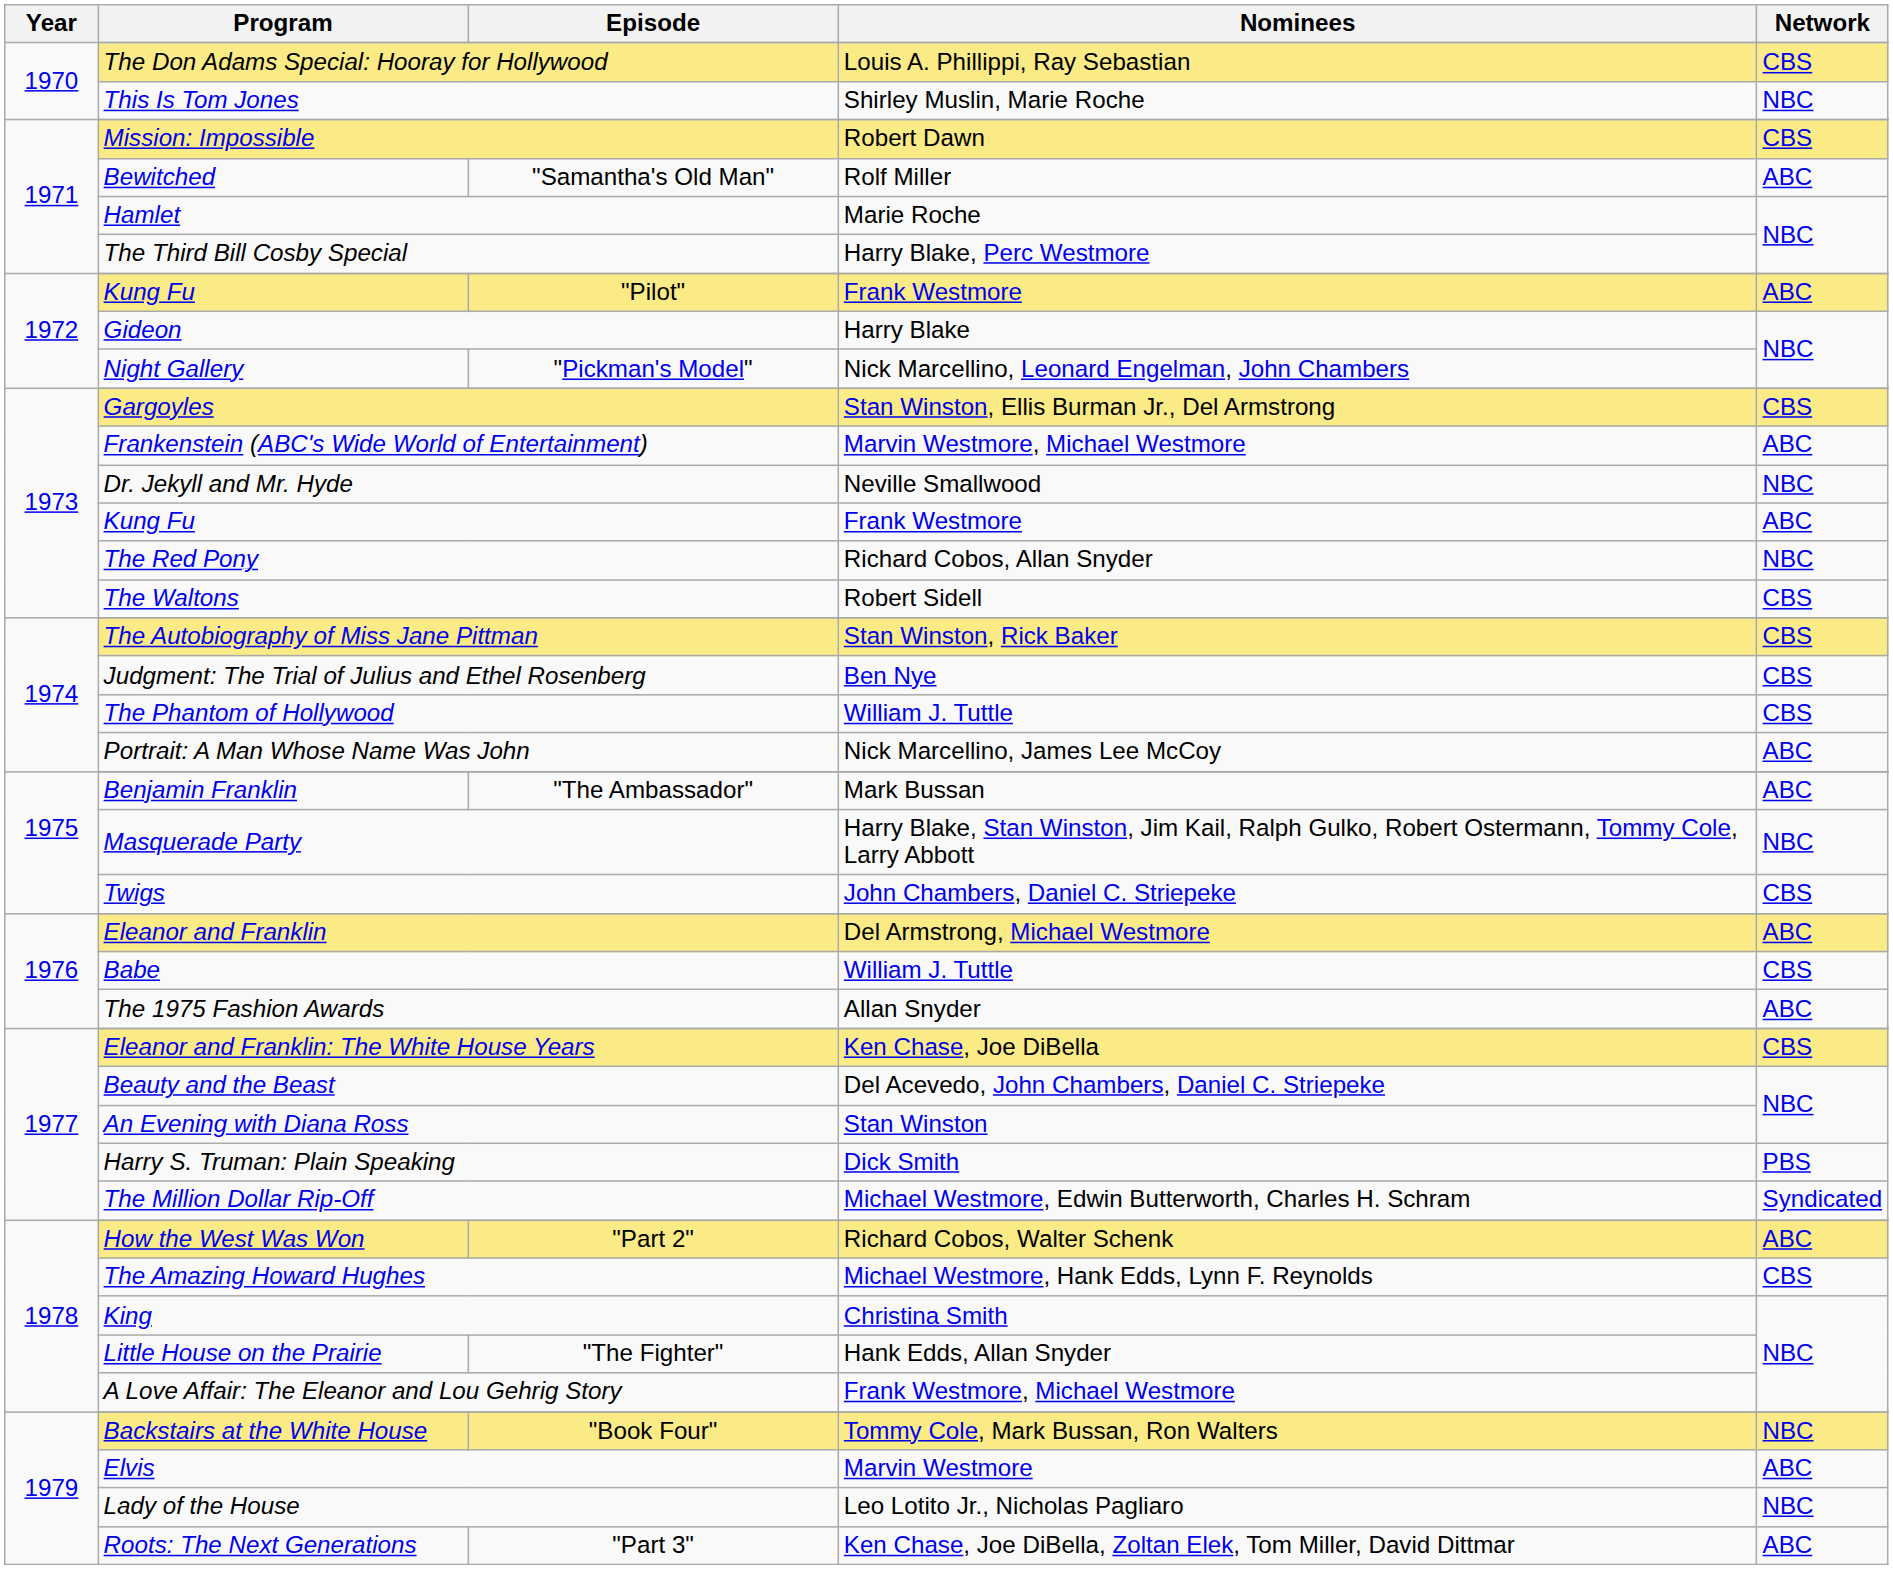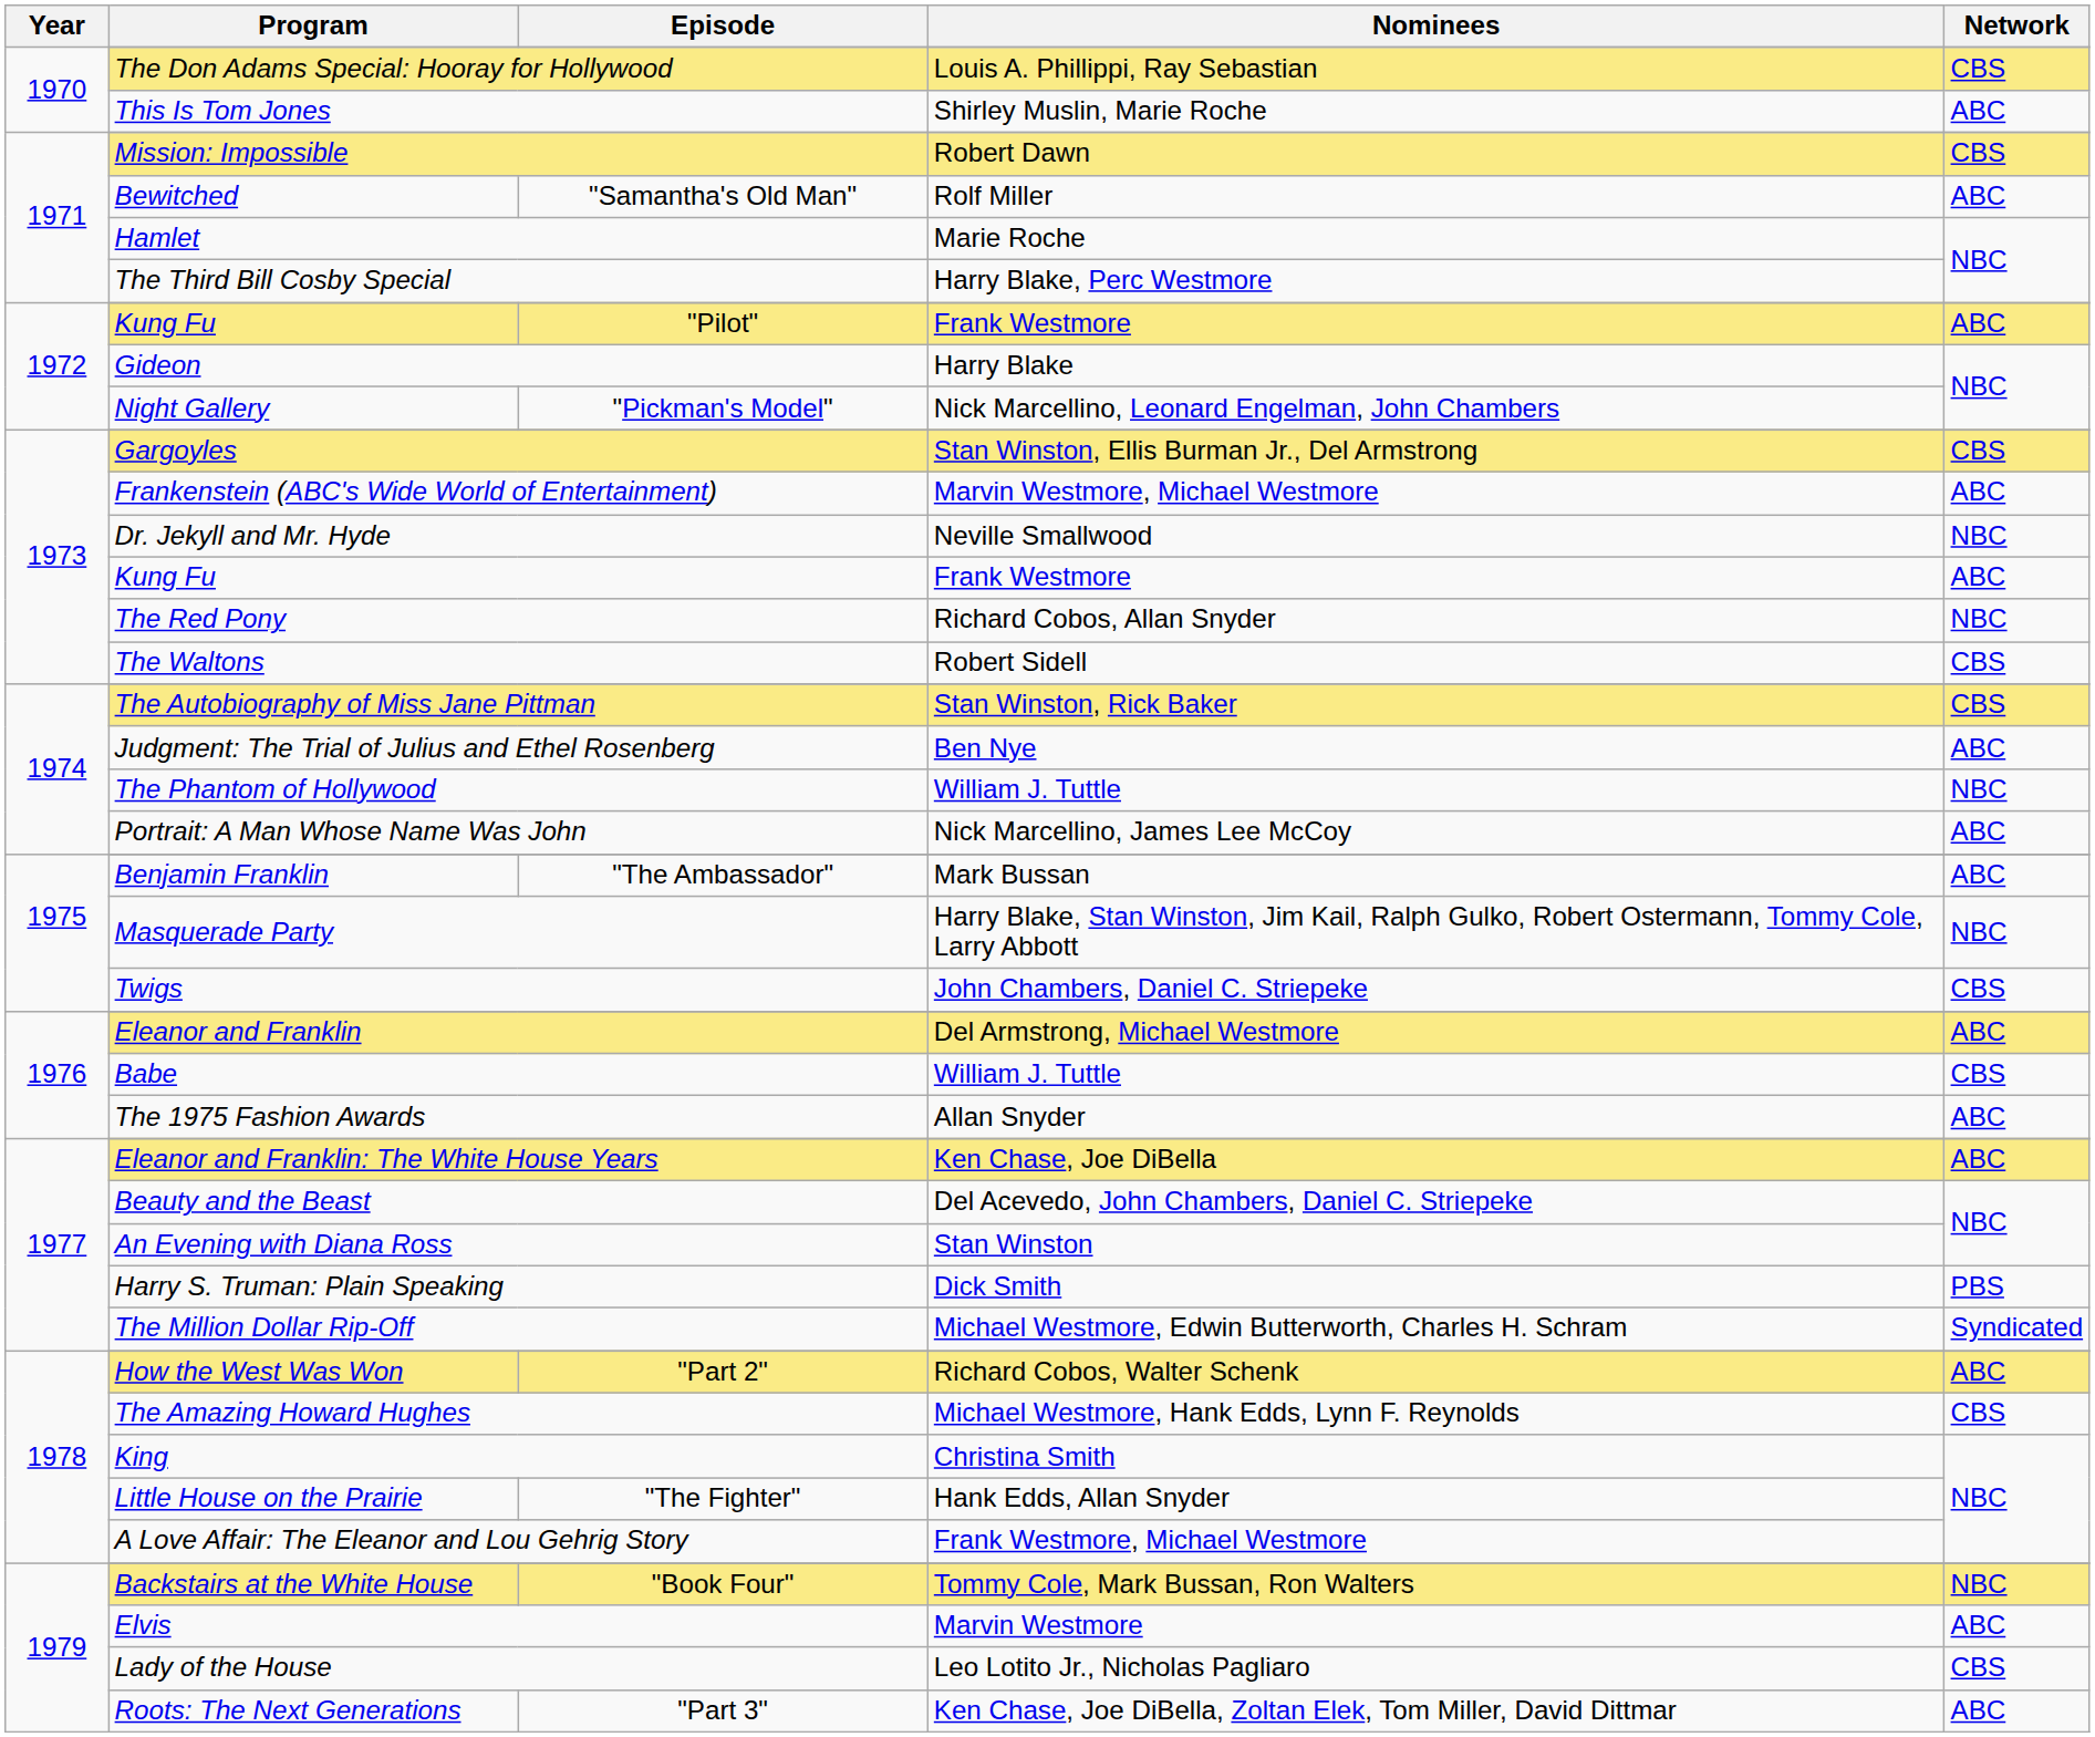 <table class="wikitable">
 <tr>
 <th width="5%">Year</th>
 <th width="20%">Program</th>
 <th width="20%">Episode</th>
 <th width="50%">Nominees</th>
 <th width="5%">Network</th>
 </tr>
 <tr>
 <td rowspan="3" style="text-align:center;"><a href='#'>1970</a><br></td>
 </tr>
 <tr style="background:#FAEB86;">
 <td colspan=2><em>The Don Adams Special: Hooray for Hollywood</em></td>
 <td>Louis A. Phillippi, Ray Sebastian</td>
 <td><a href='#'>CBS</a></td>
 </tr>
 <tr>
 <td colspan=2><em><a href='#'>This Is Tom Jones</a></em></td>
 <td>Shirley Muslin, Marie Roche</td>
-<td><a href='#'>NBC</a></td>
+<td><a href='#'>ABC</a></td>
 </tr>
 <tr>
 <td rowspan="5" style="text-align:center;"><a href='#'>1971</a><br></td>
 </tr>
 <tr style="background:#FAEB86;">
 <td colspan=2><em><a href='#'>Mission: Impossible</a></em></td>
 <td>Robert Dawn</td>
 <td><a href='#'>CBS</a></td>
 </tr>
 <tr>
 <td><em><a href='#'>Bewitched</a></em></td>
 <td align=center>"Samantha's Old Man"</td>
 <td>Rolf Miller</td>
 <td><a href='#'>ABC</a></td>
 </tr>
 <tr>
 <td colspan=2><em><a href='#'>Hamlet</a></em></td>
 <td>Marie Roche</td>
 <td rowspan=2><a href='#'>NBC</a></td>
 </tr>
 <tr>
 <td colspan=2><em>The Third Bill Cosby Special</em></td>
 <td>Harry Blake, <a href='#'>Perc Westmore</a></td>
 </tr>
 <tr>
 <td rowspan="4" style="text-align:center;"><a href='#'>1972</a><br></td>
 </tr>
 <tr style="background:#FAEB86;">
 <td><em><a href='#'>Kung Fu</a></em></td>
 <td align=center>"Pilot"</td>
 <td><a href='#'>Frank Westmore</a></td>
 <td><a href='#'>ABC</a></td>
 </tr>
 <tr>
 <td colspan=2><em><a href='#'>Gideon</a></em></td>
 <td>Harry Blake</td>
 <td rowspan=2><a href='#'>NBC</a></td>
 </tr>
 <tr>
 <td><em><a href='#'>Night Gallery</a></em></td>
 <td align=center>"<a href='#'>Pickman's Model</a>"</td>
 <td>Nick Marcellino, <a href='#'>Leonard Engelman</a>, <a href='#'>John Chambers</a></td>
 </tr>
 <tr>
 <td rowspan="7" style="text-align:center;"><a href='#'>1973</a><br></td>
 </tr>
 <tr style="background:#FAEB86;">
 <td colspan=2><em><a href='#'>Gargoyles</a></em></td>
 <td><a href='#'>Stan Winston</a>, Ellis Burman Jr., Del Armstrong</td>
 <td><a href='#'>CBS</a></td>
 </tr>
 <tr>
 <td colspan=2><em><a href='#'>Frankenstein</a> (<a href='#'>ABC's Wide World of Entertainment</a>)</em></td>
 <td><a href='#'>Marvin Westmore</a>, <a href='#'>Michael Westmore</a></td>
 <td><a href='#'>ABC</a></td>
 </tr>
 <tr>
 <td colspan=2><em>Dr. Jekyll and Mr. Hyde</em></td>
 <td>Neville Smallwood</td>
 <td><a href='#'>NBC</a></td>
 </tr>
 <tr>
 <td colspan=2><em><a href='#'>Kung Fu</a></em></td>
 <td><a href='#'>Frank Westmore</a></td>
 <td><a href='#'>ABC</a></td>
 </tr>
 <tr>
 <td colspan=2><em><a href='#'>The Red Pony</a></em></td>
 <td>Richard Cobos, Allan Snyder</td>
 <td><a href='#'>NBC</a></td>
 </tr>
 <tr>
 <td colspan=2><em><a href='#'>The Waltons</a></em></td>
 <td>Robert Sidell</td>
 <td><a href='#'>CBS</a></td>
 </tr>
 <tr>
 <td rowspan="5" style="text-align:center;"><a href='#'>1974</a><br></td>
 </tr>
 <tr style="background:#FAEB86;">
 <td colspan=2><em><a href='#'>The Autobiography of Miss Jane Pittman</a></em></td>
 <td><a href='#'>Stan Winston</a>, <a href='#'>Rick Baker</a></td>
 <td><a href='#'>CBS</a></td>
 </tr>
 <tr>
 <td colspan=2><em>Judgment: The Trial of Julius and Ethel Rosenberg</em></td>
 <td><a href='#'>Ben Nye</a></td>
-<td><a href='#'>CBS</a></td>
+<td><a href='#'>ABC</a></td>
 </tr>
 <tr>
 <td colspan=2><em><a href='#'>The Phantom of Hollywood</a></em></td>
 <td><a href='#'>William J. Tuttle</a></td>
-<td><a href='#'>CBS</a></td>
+<td><a href='#'>NBC</a></td>
 </tr>
 <tr>
 <td colspan=2><em>Portrait: A Man Whose Name Was John</em></td>
 <td>Nick Marcellino, James Lee McCoy</td>
 <td><a href='#'>ABC</a></td>
 </tr>
 <tr>
 <td rowspan="4" style="text-align:center;"><a href='#'>1975</a><br><br></td>
 </tr>
 <tr>
 <td><em><a href='#'>Benjamin Franklin</a></em></td>
 <td align=center>"The Ambassador"</td>
 <td>Mark Bussan</td>
 <td><a href='#'>ABC</a></td>
 </tr>
 <tr>
 <td colspan=2><em><a href='#'>Masquerade Party</a></em></td>
 <td>Harry Blake, <a href='#'>Stan Winston</a>, Jim Kail, Ralph Gulko, Robert Ostermann, <a href='#'>Tommy Cole</a>, Larry Abbott</td>
 <td><a href='#'>NBC</a></td>
 </tr>
 <tr>
 <td colspan=2><em><a href='#'>Twigs</a></em></td>
 <td><a href='#'>John Chambers</a>, <a href='#'>Daniel C. Striepeke</a></td>
 <td><a href='#'>CBS</a></td>
 </tr>
 <tr>
 <td rowspan="4" style="text-align:center;"><a href='#'>1976</a><br></td>
 </tr>
 <tr style="background:#FAEB86;">
 <td colspan=2><em><a href='#'>Eleanor and Franklin</a></em></td>
 <td>Del Armstrong, <a href='#'>Michael Westmore</a></td>
 <td><a href='#'>ABC</a></td>
 </tr>
 <tr>
 <td colspan=2><em><a href='#'>Babe</a></em></td>
 <td><a href='#'>William J. Tuttle</a></td>
 <td><a href='#'>CBS</a></td>
 </tr>
 <tr>
 <td colspan=2><em>The 1975 Fashion Awards</em></td>
 <td>Allan Snyder</td>
 <td><a href='#'>ABC</a></td>
 </tr>
 <tr>
 <td rowspan="6" style="text-align:center;"><a href='#'>1977</a><br></td>
 </tr>
 <tr style="background:#FAEB86;">
 <td colspan=2><em><a href='#'>Eleanor and Franklin: The White House Years</a></em></td>
 <td><a href='#'>Ken Chase</a>, Joe DiBella</td>
-<td><a href='#'>CBS</a></td>
+<td><a href='#'>ABC</a></td>
 </tr>
 <tr>
 <td colspan=2><em><a href='#'>Beauty and the Beast</a></em></td>
 <td>Del Acevedo, <a href='#'>John Chambers</a>, <a href='#'>Daniel C. Striepeke</a></td>
 <td rowspan=2><a href='#'>NBC</a></td>
 </tr>
 <tr>
 <td colspan=2><em><a href='#'>An Evening with Diana Ross</a></em></td>
 <td><a href='#'>Stan Winston</a></td>
 </tr>
 <tr>
 <td colspan=2><em>Harry S. Truman: Plain Speaking</em></td>
 <td><a href='#'>Dick Smith</a></td>
 <td><a href='#'>PBS</a></td>
 </tr>
 <tr>
 <td colspan=2><em><a href='#'>The Million Dollar Rip-Off</a></em></td>
 <td><a href='#'>Michael Westmore</a>, Edwin Butterworth, Charles H. Schram</td>
 <td><a href='#'>Syndicated</a></td>
 </tr>
 <tr>
 <td rowspan="6" style="text-align:center;"><a href='#'>1978</a><br></td>
 </tr>
 <tr style="background:#FAEB86;">
 <td><em><a href='#'>How the West Was Won</a></em></td>
 <td align=center>"Part 2"</td>
 <td>Richard Cobos, Walter Schenk</td>
 <td><a href='#'>ABC</a></td>
 </tr>
 <tr>
 <td colspan=2><em><a href='#'>The Amazing Howard Hughes</a></em></td>
 <td><a href='#'>Michael Westmore</a>, Hank Edds, Lynn F. Reynolds</td>
 <td><a href='#'>CBS</a></td>
 </tr>
 <tr>
 <td colspan=2><em><a href='#'>King</a></em></td>
 <td><a href='#'>Christina Smith</a></td>
 <td rowspan=3><a href='#'>NBC</a></td>
 </tr>
 <tr>
 <td><em><a href='#'>Little House on the Prairie</a></em></td>
 <td align=center>"The Fighter"</td>
 <td>Hank Edds, Allan Snyder</td>
 </tr>
 <tr>
 <td colspan=2><em>A Love Affair: The Eleanor and Lou Gehrig Story</em></td>
 <td><a href='#'>Frank Westmore</a>, <a href='#'>Michael Westmore</a></td>
 </tr>
 <tr>
 <td rowspan="5" style="text-align:center;"><a href='#'>1979</a><br></td>
 </tr>
 <tr style="background:#FAEB86;">
 <td><em><a href='#'>Backstairs at the White House</a></em></td>
 <td align=center>"Book Four"</td>
 <td><a href='#'>Tommy Cole</a>, Mark Bussan, Ron Walters</td>
 <td><a href='#'>NBC</a></td>
 </tr>
 <tr>
 <td colspan=2><em><a href='#'>Elvis</a></em></td>
 <td><a href='#'>Marvin Westmore</a></td>
 <td><a href='#'>ABC</a></td>
 </tr>
 <tr>
 <td colspan=2><em>Lady of the House</em></td>
 <td>Leo Lotito Jr., Nicholas Pagliaro</td>
-<td><a href='#'>NBC</a></td>
+<td><a href='#'>CBS</a></td>
 </tr>
 <tr>
 <td><em><a href='#'>Roots: The Next Generations</a></em></td>
 <td align=center>"Part 3"</td>
 <td><a href='#'>Ken Chase</a>, Joe DiBella, <a href='#'>Zoltan Elek</a>, Tom Miller, David Dittmar</td>
 <td><a href='#'>ABC</a></td>
 </tr>
 <tr>
 </tr>
 </table>
